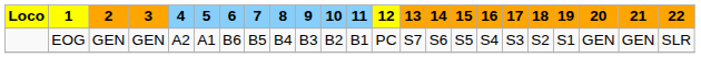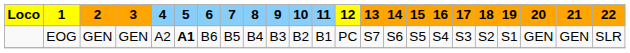 <table class="wikitable plainrowheaders unsortable" style="text-align:center">
 <tr>
 <th rowspan="1" scope="col" style="background:yellow;">Loco</th>
 <th rowspan="1" scope="col" style="background:yellow;">1</th>
 <th rowspan="1" scope="col" style="background:orange;">2</th>
 <th rowspan="1" scope="col" style="background:orange;">3</th>
 <th rowspan="1" scope="col" style="background:lightskyblue;">4</th>
 <th rowspan="1" scope="col" style="background:lightskyblue;">5</th>
 <th rowspan="1" scope="col" style="background:lightskyblue;">6</th>
 <th rowspan="1" scope="col" style="background:lightskyblue;">7</th>
 <th rowspan="1" scope="col" style="background:lightskyblue;">8</th>
 <th rowspan="1" scope="col" style="background:lightskyblue;">9</th>
 <th rowspan="1" scope="col" style="background:lightskyblue;">10</th>
 <th rowspan="1" scope="col" style="background:lightskyblue;">11</th>
 <th rowspan="1" scope="col" style="background:yellow;">12</th>
 <th rowspan="1" scope="col" style="background:orange;">13</th>
 <th rowspan="1" scope="col" style="background:orange;">14</th>
 <th rowspan="1" scope="col" style="background:orange">15</th>
 <th rowspan="1" scope="col" style="background:orange;">16</th>
 <th rowspan="1" scope="col" style="background:orange;">17</th>
 <th rowspan="1" scope="col" style="background:orange;">18</th>
 <th rowspan="1" scope="col" style="background:orange;">19</th>
 <th rowspan="1" scope="col" style="background:orange;">20</th>
 <th rowspan="1" scope="col" style="background:orange;">21</th>
 <th rowspan="1" scope="col" style="background:orange;">22</th>
 </tr>
 <tr>
 <td></td>
 <td>EOG</td>
 <td>GEN</td>
 <td>GEN</td>
 <td>A2</td>
-<td>A1</td>
+<td><strong>A1</strong></td>
 <td>B6</td>
 <td>B5</td>
 <td>B4</td>
 <td>B3</td>
 <td>B2</td>
 <td>B1</td>
 <td>PC</td>
 <td>S7</td>
 <td>S6</td>
 <td>S5</td>
 <td>S4</td>
 <td>S3</td>
 <td>S2</td>
 <td>S1</td>
 <td>GEN</td>
 <td>GEN</td>
 <td>SLR</td>
 </tr>
 <tr>
 </tr>
 </table>
